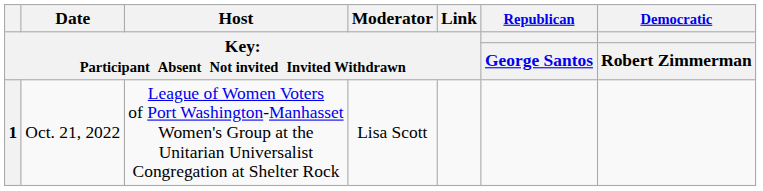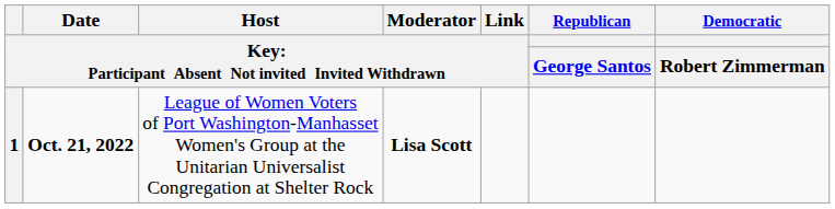 <table class="wikitable" style="text-align:center;">
 <tr>
 <th scope="col"></th>
 <th scope="col">Date</th>
 <th scope="col">Host</th>
 <th scope="col">Moderator</th>
 <th scope="col">Link</th>
 <th scope="col"><small><a href='#'>Republican</a></small></th>
 <th scope="col"><small><a href='#'>Democratic</a></small></th>
 </tr>
 <tr>
 <th colspan="5" rowspan="2">Key:<br> <small>Participant </small>  <small>Absent </small>  <small>Not invited </small>  <small>Invited  Withdrawn</small></th>
 <th scope="col" style="background:"></th>
 <th scope="col" style="background:"></th>
 </tr>
 <tr>
 <th scope="col"><a href='#'>George Santos</a></th>
 <th scope="col">Robert Zimmerman</th>
 </tr>
 <tr>
 <th>1</th>
-<td style="white-space:nowrap;">Oct. 21, 2022</td>
+<td style="white-space:nowrap;"><strong>Oct. 21, 2022</strong></td>
 <td style="white-space:nowrap;"><a href='#'>League of Women Voters</a><br>of <a href='#'>Port Washington</a>-<a href='#'>Manhasset</a><br>Women's Group at the<br>Unitarian Universalist<br>Congregation at Shelter Rock</td>
-<td style="white-space:nowrap;">Lisa Scott</td>
+<td style="white-space:nowrap;"><strong>Lisa Scott</strong></td>
 <td style="white-space:nowrap;"></td>
 <td></td>
 <td></td>
 </tr>
 </table>
